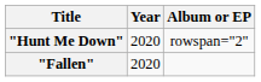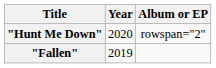 <table class="wikitable plainrowheaders" style="text-align:center;">
 <tr>
 <th scope="col">Title</th>
 <th scope="col">Year</th>
 <th scope="col">Album or EP</th>
 </tr>
 <tr>
 <th scope="row">"Hunt Me Down"</th>
 <td>2020</td>
 <td>rowspan="2" </td>
 </tr>
 <tr>
 <th scope="row">"Fallen"</th>
-<td>2020</td>
+<td>2019</td>
 </tr>
 </table>
